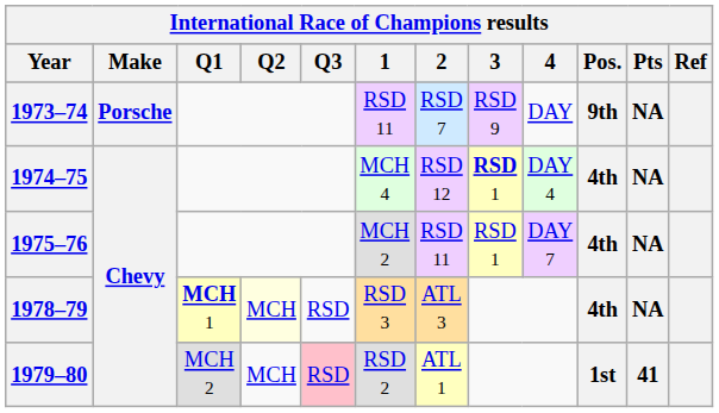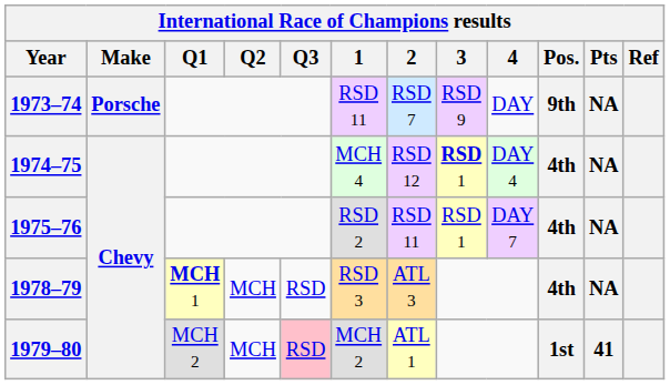 <table class="wikitable" style="text-align:center; font-size:75%">
 <tr>
 <th colspan=12><a href='#'>International Race of Champions</a> results</th>
 </tr>
 <tr>
 <th>Year</th>
 <th>Make</th>
 <th>Q1</th>
 <th>Q2</th>
 <th>Q3</th>
 <th>1</th>
 <th>2</th>
 <th>3</th>
 <th>4</th>
 <th>Pos.</th>
 <th>Pts</th>
 <th>Ref</th>
 </tr>
 <tr>
 <th><a href='#'>1973–74</a></th>
 <th><a href='#'>Porsche</a></th>
 <td colspan=3></td>
 <td style="background:#EFCFFF;"><a href='#'>RSD</a><br><small>11</small></td>
 <td style="background:#CFEAFF;"><a href='#'>RSD</a><br><small>7</small></td>
 <td style="background:#EFCFFF;"><a href='#'>RSD</a><br><small>9</small></td>
 <td><a href='#'>DAY</a></td>
 <th>9th</th>
 <th>NA</th>
 <th></th>
 </tr>
 <tr>
 <th><a href='#'>1974–75</a></th>
 <th rowspan=4><a href='#'>Chevy</a></th>
 <td colspan=3></td>
 <td style="background:#DFFFDF;"><a href='#'>MCH</a><br><small>4</small></td>
 <td style="background:#EFCFFF;"><a href='#'>RSD</a><br><small>12</small></td>
 <td style="background:#FFFFBF;"><strong><a href='#'>RSD</a></strong><br><small>1</small></td>
 <td style="background:#DFFFDF;"><a href='#'>DAY</a><br><small>4</small></td>
 <th>4th</th>
 <th>NA</th>
 <th></th>
 </tr>
 <tr>
 <th><a href='#'>1975–76</a></th>
 <td colspan=3></td>
-<td style="background:#DFDFDF;"><a href='#'>MCH</a><br><small>2</small></td>
+<td style="background:#DFDFDF;"><a href='#'>RSD</a><br><small>2</small></td>
 <td style="background:#EFCFFF;"><a href='#'>RSD</a><br><small>11</small></td>
 <td style="background:#FFFFBF;"><a href='#'>RSD</a><br><small>1</small></td>
 <td style="background:#EFCFFF;"><a href='#'>DAY</a><br><small>7</small></td>
 <th>4th</th>
 <th>NA</th>
 <th></th>
 </tr>
 <tr>
 <th><a href='#'>1978–79</a></th>
 <td style="background:#FFFFBF;"><strong><a href='#'>MCH</a></strong><br><small>1</small></td>
-<td style="background: lightyellow;"><a href='#'>MCH</a></td>
+<td><a href='#'>MCH</a></td>
 <td><a href='#'>RSD</a></td>
 <td style="background:#FFDF9F;"><a href='#'>RSD</a><br><small>3</small></td>
 <td style="background:#FFDF9F;"><a href='#'>ATL</a><br><small>3</small></td>
 <td colspan=2></td>
 <th>4th</th>
 <th>NA</th>
 <th></th>
 </tr>
 <tr>
 <th><a href='#'>1979–80</a></th>
 <td style="background:#DFDFDF;"><a href='#'>MCH</a><br><small>2</small></td>
 <td><a href='#'>MCH</a></td>
 <td style="background: pink;"><a href='#'>RSD</a></td>
-<td style="background:#DFDFDF;"><a href='#'>RSD</a><br><small>2</small></td>
+<td style="background:#DFDFDF;"><a href='#'>MCH</a><br><small>2</small></td>
 <td style="background:#FFFFBF;"><a href='#'>ATL</a><br><small>1</small></td>
 <td colspan=2></td>
 <th>1st</th>
 <th>41</th>
 <th></th>
 </tr>
 </table>
